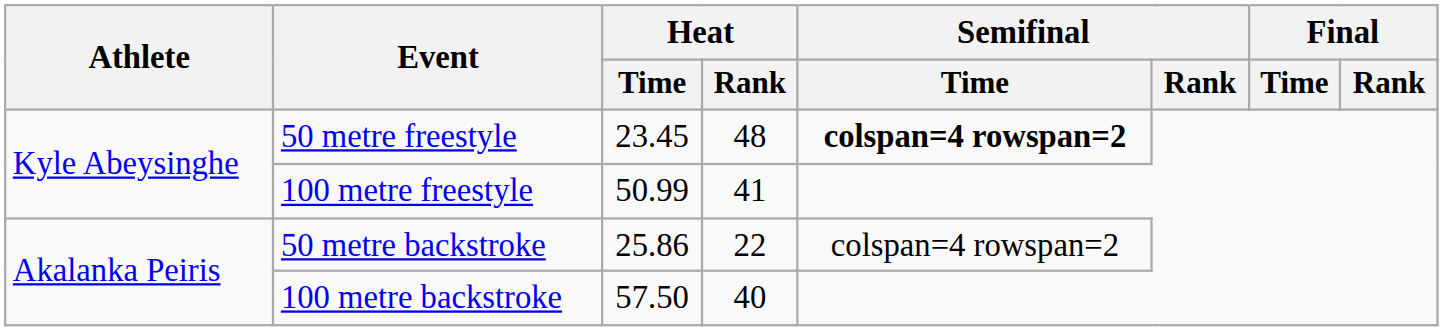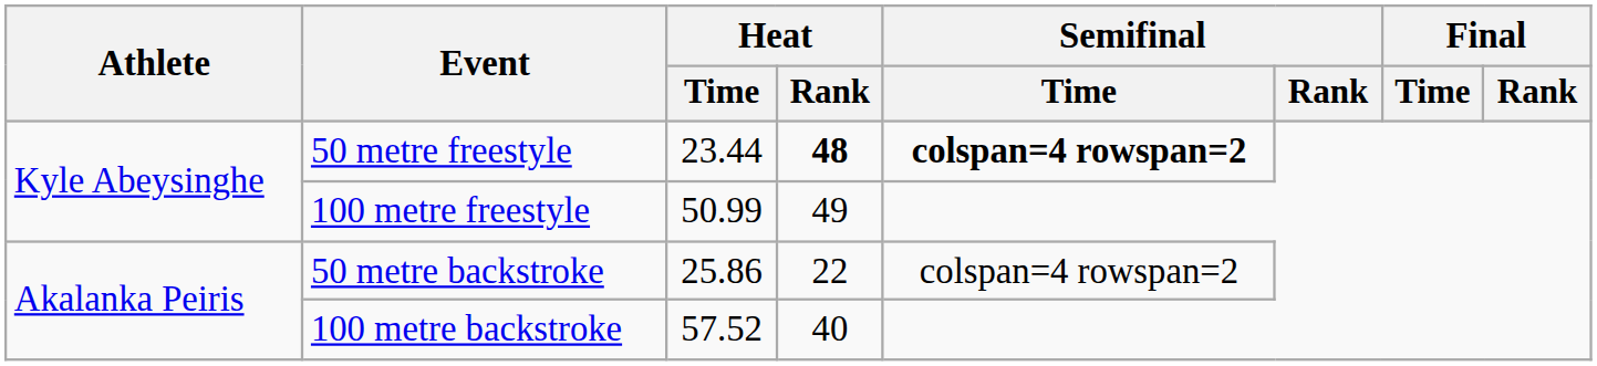 <table class="wikitable" style="text-align:center; font-size:90%; width:50%;">
 <tr>
 <th rowspan="2">Athlete</th>
 <th rowspan="2">Event</th>
 <th colspan="2">Heat</th>
 <th colspan="2">Semifinal</th>
 <th colspan="2">Final</th>
 </tr>
 <tr style="font-size:95%">
 <th>Time</th>
 <th>Rank</th>
 <th>Time</th>
 <th>Rank</th>
 <th>Time</th>
 <th>Rank</th>
 </tr>
 <tr align=center>
 <td align=left rowspan=2><a href='#'>Kyle Abeysinghe</a></td>
 <td align=left><a href='#'>50 metre freestyle</a></td>
-<td>23.45</td>
-<td>48</td>
+<td>23.44</td>
+<td><strong>48</strong></td>
 <td><strong>colspan=4  rowspan=2 </strong></td>
 </tr>
 <tr align=center>
 <td align=left><a href='#'>100 metre freestyle</a></td>
 <td>50.99</td>
-<td>41</td>
+<td>49</td>
 </tr>
 <tr align=center>
 <td align=left rowspan=2><a href='#'>Akalanka Peiris</a></td>
 <td align=left><a href='#'>50 metre backstroke</a></td>
 <td>25.86</td>
 <td>22</td>
 <td>colspan=4 rowspan=2 </td>
 </tr>
 <tr align=center>
 <td align=left><a href='#'>100 metre backstroke</a></td>
-<td>57.50</td>
+<td>57.52</td>
 <td>40</td>
 </tr>
 </table>
